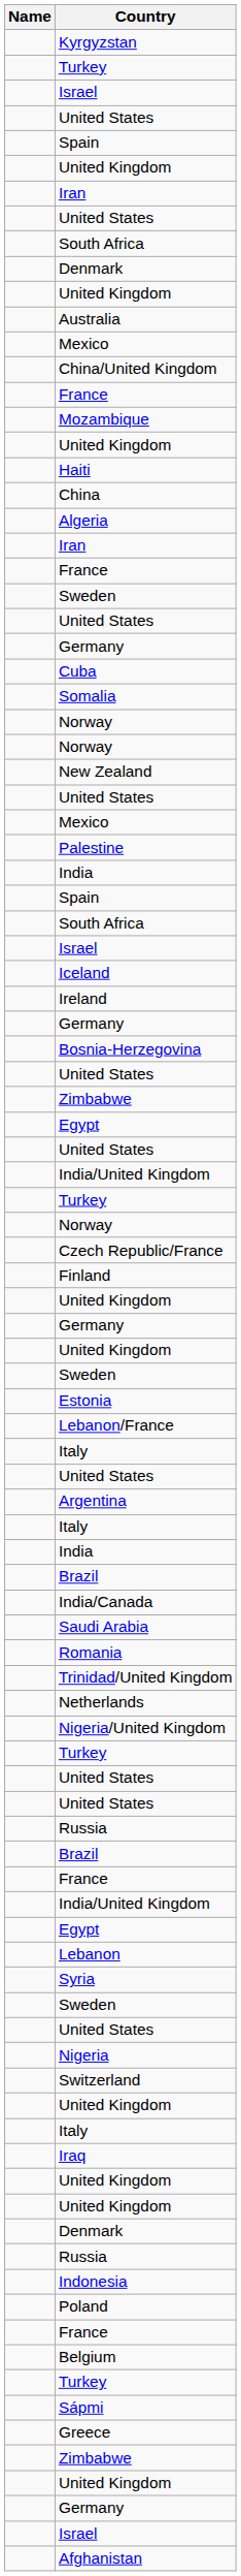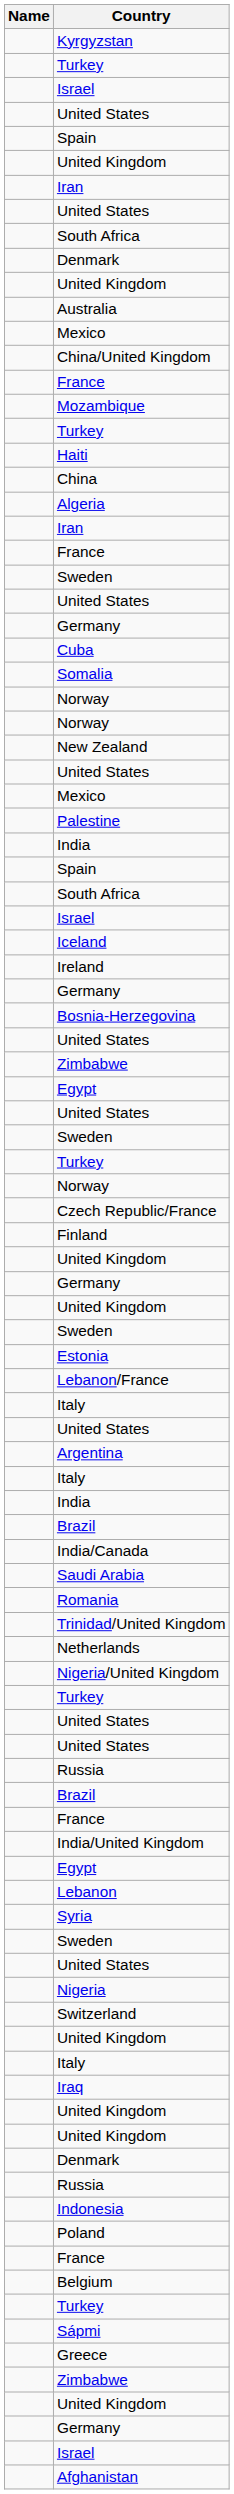 <table class="wikitable sortable">
 <tr>
 <th>Name</th>
 <th>Country</th>
 </tr>
 <tr>
 <td></td>
 <td><a href='#'>Kyrgyzstan</a></td>
 </tr>
 <tr>
 <td></td>
 <td><a href='#'>Turkey</a></td>
 </tr>
 <tr>
 <td></td>
 <td><a href='#'>Israel</a></td>
 </tr>
 <tr>
 <td></td>
 <td>United States</td>
 </tr>
 <tr>
 <td></td>
 <td>Spain</td>
 </tr>
 <tr>
 <td></td>
 <td>United Kingdom</td>
 </tr>
 <tr>
 <td></td>
 <td><a href='#'>Iran</a></td>
 </tr>
 <tr>
 <td></td>
 <td>United States</td>
 </tr>
 <tr>
 <td></td>
 <td>South Africa</td>
 </tr>
 <tr>
 <td></td>
 <td>Denmark</td>
 </tr>
 <tr>
 <td></td>
 <td>United Kingdom</td>
 </tr>
 <tr>
 <td></td>
 <td>Australia</td>
 </tr>
 <tr>
 <td></td>
 <td>Mexico</td>
 </tr>
 <tr>
 <td></td>
 <td>China/United Kingdom</td>
 </tr>
 <tr>
 <td></td>
 <td><a href='#'>France</a></td>
 </tr>
 <tr>
 <td></td>
 <td><a href='#'>Mozambique</a></td>
 </tr>
 <tr>
 <td></td>
-<td>United Kingdom</td>
+<td><a href='#'>Turkey</a></td>
 </tr>
 <tr>
 <td></td>
 <td><a href='#'>Haiti</a></td>
 </tr>
 <tr>
 <td></td>
 <td>China</td>
 </tr>
 <tr>
 <td></td>
 <td><a href='#'>Algeria</a></td>
 </tr>
 <tr>
 <td></td>
 <td><a href='#'>Iran</a></td>
 </tr>
 <tr>
 <td></td>
 <td>France</td>
 </tr>
 <tr>
 <td></td>
 <td>Sweden</td>
 </tr>
 <tr>
 <td></td>
 <td>United States</td>
 </tr>
 <tr>
 <td></td>
 <td>Germany</td>
 </tr>
 <tr>
 <td></td>
 <td><a href='#'>Cuba</a></td>
 </tr>
 <tr>
 <td></td>
 <td><a href='#'>Somalia</a></td>
 </tr>
 <tr>
 <td></td>
 <td>Norway</td>
 </tr>
 <tr>
 <td></td>
 <td>Norway</td>
 </tr>
 <tr>
 <td></td>
 <td>New Zealand</td>
 </tr>
 <tr>
 <td></td>
 <td>United States</td>
 </tr>
 <tr>
 <td></td>
 <td>Mexico</td>
 </tr>
 <tr>
 <td></td>
 <td><a href='#'>Palestine</a></td>
 </tr>
 <tr>
 <td></td>
 <td>India</td>
 </tr>
 <tr>
 <td></td>
 <td>Spain</td>
 </tr>
 <tr>
 <td></td>
 <td>South Africa</td>
 </tr>
 <tr>
 <td></td>
 <td><a href='#'>Israel</a></td>
 </tr>
 <tr>
 <td></td>
 <td><a href='#'>Iceland</a></td>
 </tr>
 <tr>
 <td></td>
 <td>Ireland</td>
 </tr>
 <tr>
 <td></td>
 <td>Germany</td>
 </tr>
 <tr>
 <td></td>
 <td><a href='#'>Bosnia-Herzegovina</a></td>
 </tr>
 <tr>
 <td></td>
 <td>United States</td>
 </tr>
 <tr>
 <td></td>
 <td><a href='#'>Zimbabwe</a></td>
 </tr>
 <tr>
 <td></td>
 <td><a href='#'>Egypt</a></td>
 </tr>
 <tr>
 <td></td>
 <td>United States</td>
 </tr>
 <tr>
 <td></td>
-<td>India/United Kingdom</td>
+<td>Sweden</td>
 </tr>
 <tr>
 <td></td>
 <td><a href='#'>Turkey</a></td>
 </tr>
 <tr>
 <td></td>
 <td>Norway</td>
 </tr>
 <tr>
 <td></td>
 <td>Czech Republic/France</td>
 </tr>
 <tr>
 <td></td>
 <td>Finland</td>
 </tr>
 <tr>
 <td></td>
 <td>United Kingdom</td>
 </tr>
 <tr>
 <td></td>
 <td>Germany</td>
 </tr>
 <tr>
 <td></td>
 <td>United Kingdom</td>
 </tr>
 <tr>
 <td></td>
 <td>Sweden</td>
 </tr>
 <tr>
 <td></td>
 <td><a href='#'>Estonia</a></td>
 </tr>
 <tr>
 <td></td>
 <td><a href='#'>Lebanon</a>/France</td>
 </tr>
 <tr>
 <td></td>
 <td>Italy</td>
 </tr>
 <tr>
 <td></td>
 <td>United States</td>
 </tr>
 <tr>
 <td></td>
 <td><a href='#'>Argentina</a></td>
 </tr>
 <tr>
 <td></td>
 <td>Italy</td>
 </tr>
 <tr>
 <td></td>
 <td>India</td>
 </tr>
 <tr>
 <td></td>
 <td><a href='#'>Brazil</a></td>
 </tr>
 <tr>
 <td></td>
 <td>India/Canada</td>
 </tr>
 <tr>
 <td></td>
 <td><a href='#'>Saudi Arabia</a></td>
 </tr>
 <tr>
 <td></td>
 <td><a href='#'>Romania</a></td>
 </tr>
 <tr>
 <td></td>
 <td><a href='#'>Trinidad</a>/United Kingdom</td>
 </tr>
 <tr>
 <td></td>
 <td>Netherlands</td>
 </tr>
 <tr>
 <td></td>
 <td><a href='#'>Nigeria</a>/United Kingdom</td>
 </tr>
 <tr>
 <td></td>
 <td><a href='#'>Turkey</a></td>
 </tr>
 <tr>
 <td></td>
 <td>United States</td>
 </tr>
 <tr>
 <td></td>
 <td>United States</td>
 </tr>
 <tr>
 <td></td>
 <td>Russia</td>
 </tr>
 <tr>
 <td></td>
 <td><a href='#'>Brazil</a></td>
 </tr>
 <tr>
 <td></td>
 <td>France</td>
 </tr>
 <tr>
 <td></td>
 <td>India/United Kingdom</td>
 </tr>
 <tr>
 <td></td>
 <td><a href='#'>Egypt</a></td>
 </tr>
 <tr>
 <td></td>
 <td><a href='#'>Lebanon</a></td>
 </tr>
 <tr>
 <td></td>
 <td><a href='#'>Syria</a></td>
 </tr>
 <tr>
 <td></td>
 <td>Sweden</td>
 </tr>
 <tr>
 <td></td>
 <td>United States</td>
 </tr>
 <tr>
 <td></td>
 <td><a href='#'>Nigeria</a></td>
 </tr>
 <tr>
 <td></td>
 <td>Switzerland</td>
 </tr>
 <tr>
 <td></td>
 <td>United Kingdom</td>
 </tr>
 <tr>
 <td></td>
 <td>Italy</td>
 </tr>
 <tr>
 <td></td>
 <td><a href='#'>Iraq</a></td>
 </tr>
 <tr>
 <td></td>
 <td>United Kingdom</td>
 </tr>
 <tr>
 <td></td>
 <td>United Kingdom</td>
 </tr>
 <tr>
 <td></td>
 <td>Denmark</td>
 </tr>
 <tr>
 <td></td>
 <td>Russia</td>
 </tr>
 <tr>
 <td></td>
 <td><a href='#'>Indonesia</a></td>
 </tr>
 <tr>
 <td></td>
 <td>Poland</td>
 </tr>
 <tr>
 <td></td>
 <td>France</td>
 </tr>
 <tr>
 <td></td>
 <td>Belgium</td>
 </tr>
 <tr>
 <td></td>
 <td><a href='#'>Turkey</a></td>
 </tr>
 <tr>
 <td></td>
 <td><a href='#'>Sápmi</a></td>
 </tr>
 <tr>
 <td></td>
 <td>Greece</td>
 </tr>
 <tr>
 <td></td>
 <td><a href='#'>Zimbabwe</a></td>
 </tr>
 <tr>
 <td></td>
 <td>United Kingdom</td>
 </tr>
 <tr>
 <td></td>
 <td>Germany</td>
 </tr>
 <tr>
 <td></td>
 <td><a href='#'>Israel</a></td>
 </tr>
 <tr>
 <td></td>
 <td><a href='#'>Afghanistan</a></td>
 </tr>
 </table>
